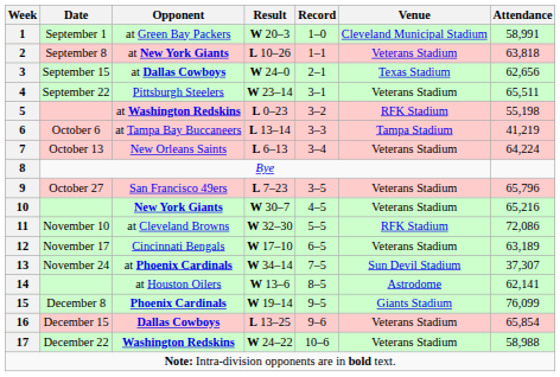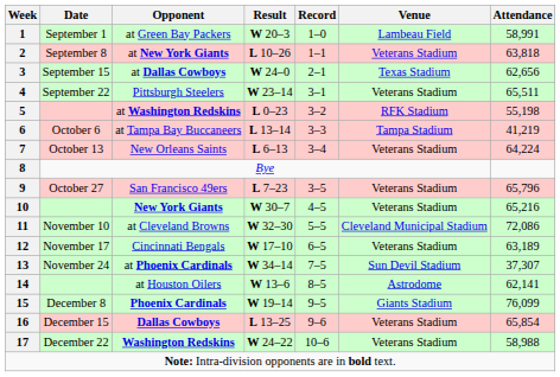 <table class="wikitable" style="text-align:center">
 <tr>
 <th>Week</th>
 <th>Date</th>
 <th>Opponent</th>
 <th>Result</th>
 <th>Record</th>
 <th>Venue</th>
 <th>Attendance</th>
 </tr>
 <tr style="background:#cfc">
 <th>1</th>
 <td>September 1</td>
 <td>at <a href='#'>Green Bay Packers</a></td>
 <td><strong>W</strong> 20–3</td>
 <td>1–0</td>
-<td><a href='#'>Cleveland Municipal Stadium</a></td>
+<td><a href='#'>Lambeau Field</a></td>
 <td>58,991</td>
 </tr>
 <tr style="background:#fcc">
 <th>2</th>
 <td>September 8</td>
 <td>at <strong><a href='#'>New York Giants</a></strong></td>
 <td><strong>L</strong> 10–26</td>
 <td>1–1</td>
 <td><a href='#'>Veterans Stadium</a></td>
 <td>63,818</td>
 </tr>
 <tr style="background:#cfc">
 <th>3</th>
 <td>September 15</td>
 <td>at <strong><a href='#'>Dallas Cowboys</a></strong></td>
 <td><strong>W</strong> 24–0</td>
 <td>2–1</td>
 <td><a href='#'>Texas Stadium</a></td>
 <td>62,656</td>
 </tr>
 <tr style="background:#cfc">
 <th>4</th>
 <td>September 22</td>
 <td><a href='#'>Pittsburgh Steelers</a></td>
 <td><strong>W</strong> 23–14</td>
 <td>3–1</td>
 <td>Veterans Stadium</td>
 <td>65,511</td>
 </tr>
 <tr style="background:#fcc">
 <th>5</th>
 <td></td>
 <td>at <strong><a href='#'>Washington Redskins</a></strong></td>
 <td><strong>L</strong> 0–23</td>
 <td>3–2</td>
 <td><a href='#'>RFK Stadium</a></td>
 <td>55,198</td>
 </tr>
 <tr style="background:#fcc">
 <th>6</th>
 <td>October 6</td>
 <td>at <a href='#'>Tampa Bay Buccaneers</a></td>
 <td><strong>L</strong> 13–14</td>
 <td>3–3</td>
 <td><a href='#'>Tampa Stadium</a></td>
 <td>41,219</td>
 </tr>
 <tr style="background:#fcc">
 <th>7</th>
 <td>October 13</td>
 <td><a href='#'>New Orleans Saints</a></td>
 <td><strong>L</strong> 6–13</td>
 <td>3–4</td>
 <td>Veterans Stadium</td>
 <td>64,224</td>
 </tr>
 <tr>
 <th>8</th>
 <td colspan="5"><em><a href='#'>Bye</a></em></td>
 </tr>
 <tr style="background:#fcc">
 <th>9</th>
 <td>October 27</td>
 <td><a href='#'>San Francisco 49ers</a></td>
 <td><strong>L</strong> 7–23</td>
 <td>3–5</td>
 <td>Veterans Stadium</td>
 <td>65,796</td>
 </tr>
 <tr style="background:#cfc">
 <th>10</th>
 <td></td>
 <td><strong><a href='#'>New York Giants</a></strong></td>
 <td><strong>W</strong> 30–7</td>
 <td>4–5</td>
 <td>Veterans Stadium</td>
 <td>65,216</td>
 </tr>
 <tr style="background:#cfc">
 <th>11</th>
 <td>November 10</td>
 <td>at <a href='#'>Cleveland Browns</a></td>
 <td><strong>W</strong> 32–30</td>
 <td>5–5</td>
-<td><a href='#'>RFK Stadium</a></td>
+<td><a href='#'>Cleveland Municipal Stadium</a></td>
 <td>72,086</td>
 </tr>
 <tr style="background:#cfc">
 <th>12</th>
 <td>November 17</td>
 <td><a href='#'>Cincinnati Bengals</a></td>
 <td><strong>W</strong> 17–10</td>
 <td>6–5</td>
 <td>Veterans Stadium</td>
 <td>63,189</td>
 </tr>
 <tr style="background:#cfc">
 <th>13</th>
 <td>November 24</td>
 <td>at <strong><a href='#'>Phoenix Cardinals</a></strong></td>
 <td><strong>W</strong> 34–14</td>
 <td>7–5</td>
 <td><a href='#'>Sun Devil Stadium</a></td>
 <td>37,307</td>
 </tr>
 <tr style="background:#cfc">
 <th>14</th>
 <td></td>
 <td>at <a href='#'>Houston Oilers</a></td>
 <td><strong>W</strong> 13–6</td>
 <td>8–5</td>
 <td><a href='#'>Astrodome</a></td>
 <td>62,141</td>
 </tr>
 <tr style="background: #cfc">
 <th>15</th>
 <td>December 8</td>
 <td><strong><a href='#'>Phoenix Cardinals</a></strong></td>
 <td><strong>W</strong> 19–14</td>
 <td>9–5</td>
 <td><a href='#'>Giants Stadium</a></td>
 <td>76,099</td>
 </tr>
 <tr style="background:#fcc">
 <th>16</th>
 <td>December 15</td>
 <td><strong><a href='#'>Dallas Cowboys</a></strong></td>
 <td><strong>L</strong> 13–25</td>
 <td>9–6</td>
 <td>Veterans Stadium</td>
 <td>65,854</td>
 </tr>
 <tr style="background:#cfc">
 <th>17</th>
 <td>December 22</td>
 <td><strong><a href='#'>Washington Redskins</a></strong></td>
 <td><strong>W</strong> 24–22</td>
 <td>10–6</td>
 <td>Veterans Stadium</td>
 <td>58,988</td>
 </tr>
 <tr>
 <td colspan="8"><strong>Note:</strong> Intra-division opponents are in <strong>bold</strong> text.</td>
 </tr>
 </table>
